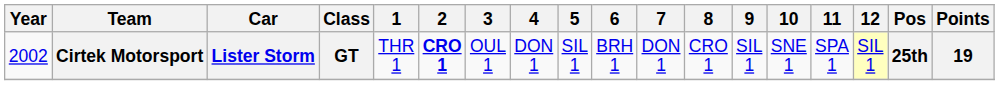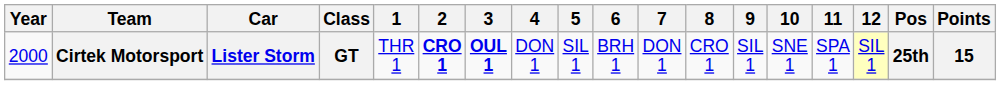 <table class="wikitable" style="text-align:center; font-size:85%">
 <tr>
 <th>Year</th>
 <th>Team</th>
 <th>Car</th>
 <th>Class</th>
 <th>1</th>
 <th>2</th>
 <th>3</th>
 <th>4</th>
 <th>5</th>
 <th>6</th>
 <th>7</th>
 <th>8</th>
 <th>9</th>
 <th>10</th>
 <th>11</th>
 <th>12</th>
 <th>Pos</th>
 <th>Points</th>
 </tr>
 <tr>
-<td><a href='#'>2002</a></td>
+<td><a href='#'>2000</a></td>
 <th nowrap>Cirtek Motorsport</th>
 <th nowrap><a href='#'>Lister Storm</a></th>
 <th>GT</th>
 <td style=”background:#;”><a href='#'>THR<br>1</a></td>
 <td style=”background:#;”><strong><a href='#'>CRO<br>1</a></strong></td>
-<td style=”background:#;”><a href='#'>OUL<br>1</a></td>
+<td style=”background:#;”><strong><a href='#'>OUL<br>1</a></strong></td>
 <td style=”background:#;”><a href='#'>DON<br>1</a></td>
 <td style=”background:#;”><a href='#'>SIL<br>1</a></td>
 <td style=”background:#;”><a href='#'>BRH<br>1</a></td>
 <td style=”background:#;”><a href='#'>DON<br>1</a></td>
 <td style=”background:#;”><a href='#'>CRO<br>1</a></td>
 <td style=”background:#;”><a href='#'>SIL<br>1</a></td>
 <td style=”background:#;”><a href='#'>SNE<br>1</a></td>
 <td style=”background:#;”><a href='#'>SPA<br>1</a></td>
 <td style=background:#FFFFBF;><a href='#'>SIL<br>1</a><br></td>
 <th>25th</th>
-<th>19</th>
+<th>15</th>
 </tr>
 <tr>
 </tr>
 </table>
